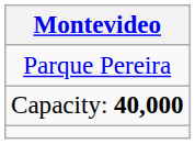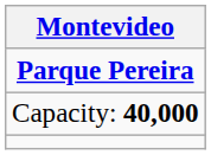 <table class="wikitable" style="text-align:center">
 <tr>
 <th> <a href='#'>Montevideo</a></th>
 </tr>
 <tr>
-<td><a href='#'>Parque Pereira</a></td>
+<td><strong><a href='#'>Parque Pereira</a></strong></td>
 </tr>
 <tr>
 <td>Capacity: <strong>40,000</strong></td>
 </tr>
 <tr>
 <td></td>
 </tr>
 </table>
